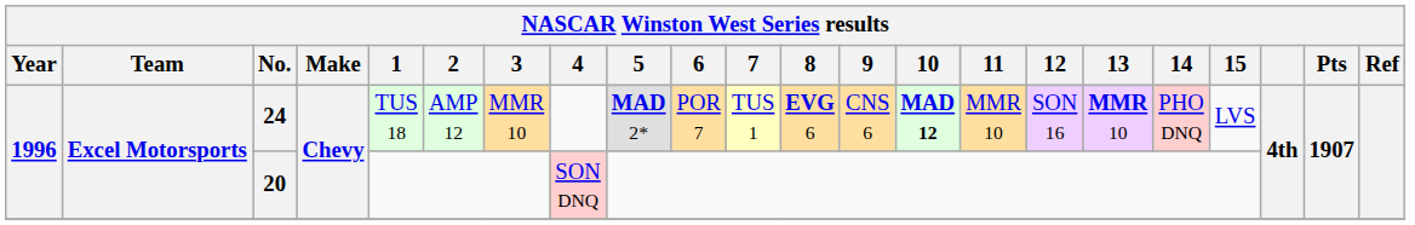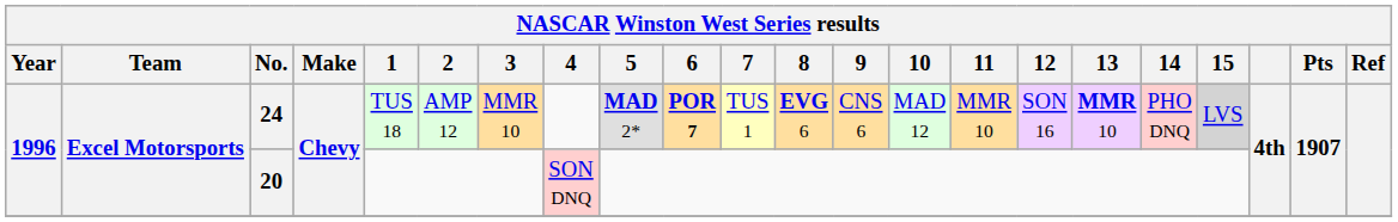 <table class="wikitable" style="text-align:center; font-size:75%">
 <tr>
 <th colspan=22><a href='#'>NASCAR</a> <a href='#'>Winston West Series</a> results</th>
 </tr>
 <tr>
 <th>Year</th>
 <th>Team</th>
 <th>No.</th>
 <th>Make</th>
 <th>1</th>
 <th>2</th>
 <th>3</th>
 <th>4</th>
 <th>5</th>
 <th>6</th>
 <th>7</th>
 <th>8</th>
 <th>9</th>
 <th>10</th>
 <th>11</th>
 <th>12</th>
 <th>13</th>
 <th>14</th>
 <th>15</th>
 <th></th>
 <th>Pts</th>
 <th>Ref</th>
 </tr>
 <tr>
 <th rowspan=2><a href='#'>1996</a></th>
 <th rowspan=2><a href='#'>Excel Motorsports</a></th>
 <th>24</th>
 <th rowspan=2><a href='#'>Chevy</a></th>
 <td style="background:#DFFFDF;"><a href='#'>TUS</a><br><small>18</small></td>
 <td style="background:#DFFFDF;"><a href='#'>AMP</a><br><small>12</small></td>
 <td style="background:#FFDF9F;"><a href='#'>MMR</a><br><small>10</small></td>
 <td></td>
 <td style="background:#DFDFDF;"><strong><a href='#'>MAD</a></strong><br><small>2*</small></td>
-<td style="background:#FFDF9F;"><a href='#'>POR</a><br><small>7</small></td>
+<td style="background:#FFDF9F;"><strong><a href='#'>POR</a><br><small>7</small></strong></td>
 <td style="background:#FFFFBF;"><a href='#'>TUS</a><br><small>1</small></td>
 <td style="background:#FFDF9F;"><strong><a href='#'>EVG</a></strong><br><small>6</small></td>
 <td style="background:#FFDF9F;"><a href='#'>CNS</a><br><small>6</small></td>
-<td style="background:#DFFFDF;"><strong><a href='#'>MAD</a><br><small>12</small></strong></td>
+<td style="background:#DFFFDF;"><a href='#'>MAD</a><br><small>12</small></td>
 <td style="background:#FFDF9F;"><a href='#'>MMR</a><br><small>10</small></td>
 <td style="background:#EFCFFF;"><a href='#'>SON</a><br><small>16</small></td>
 <td style="background:#EFCFFF;"><strong><a href='#'>MMR</a></strong><br><small>10</small></td>
 <td style="background:#FFCFCF;"><a href='#'>PHO</a><br><small>DNQ</small></td>
-<td><a href='#'>LVS</a></td>
+<td style="background: lightgrey;"><a href='#'>LVS</a></td>
 <th rowspan=2>4th</th>
 <th rowspan=2>1907</th>
 <th rowspan=2></th>
 </tr>
 <tr>
 <th>20</th>
 <td colspan=3></td>
 <td style="background:#FFCFCF;"><a href='#'>SON</a><br><small>DNQ</small></td>
 <td colspan=11></td>
 </tr>
 <tr>
 </tr>
 </table>
